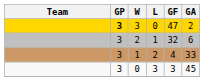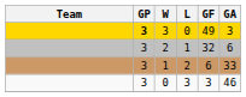 <table class="wikitable" style="text-align:center">
 <tr>
 <th width="150">Team</th>
 <th width="20">GP</th>
 <th width="20">W</th>
 <th width="20">L</th>
 <th width="20">GF</th>
 <th width="20">GA</th>
 </tr>
 <tr bgcolor=gold>
 <td align=left></td>
 <td><strong>3</strong></td>
 <td>3</td>
 <td>0</td>
-<td>47</td>
-<td>2</td>
+<td>49</td>
+<td>3</td>
 </tr>
 <tr bgcolor=silver>
 <td align=left></td>
 <td>3</td>
 <td>2</td>
 <td>1</td>
 <td>32</td>
 <td>6</td>
 </tr>
 <tr bgcolor=#c96>
 <td align=left></td>
 <td>3</td>
 <td>1</td>
 <td>2</td>
-<td>4</td>
+<td>6</td>
 <td>33</td>
 </tr>
 <tr>
 <td align=left></td>
 <td>3</td>
 <td>0</td>
 <td>3</td>
 <td>3</td>
-<td>45</td>
+<td>46</td>
 </tr>
 <tr>
 </tr>
 </table>
